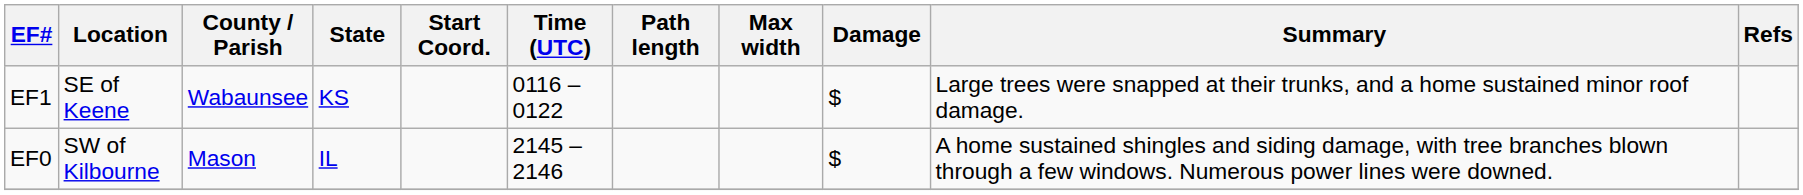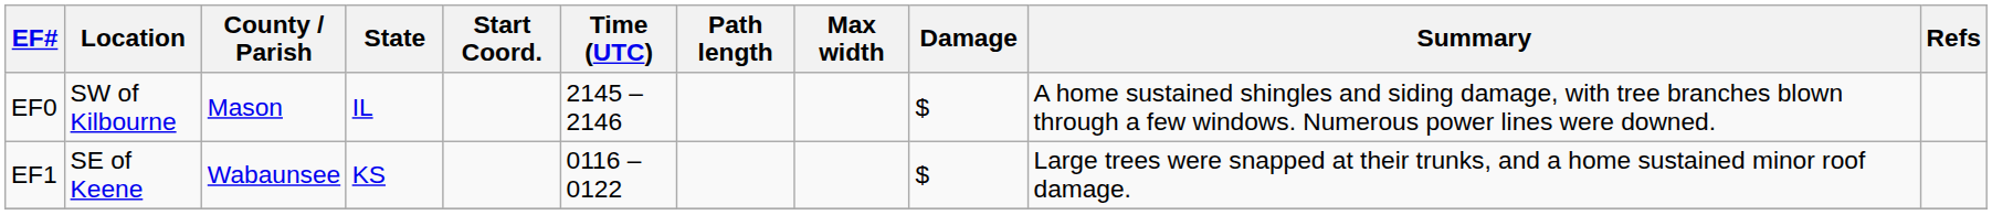 <table class="wikitable sortable" style="width:100%;">
 <tr>
 <th scope="col" width="3%" align="center"><a href='#'>EF#</a></th>
 <th scope="col" width="7%" align="center" class="unsortable">Location</th>
 <th scope="col" width="6%" align="center" class="unsortable">County / Parish</th>
 <th scope="col" width="5%" align="center">State</th>
 <th scope="col" width="6%" align="center">Start Coord.</th>
 <th scope="col" width="6%" align="center">Time (<a href='#'>UTC</a>)</th>
 <th scope="col" width="6%" align="center">Path length</th>
 <th scope="col" width="6%" align="center">Max width</th>
 <th scope="col" width="6%" align="center">Damage</th>
 <th scope="col" width="48%" class="unsortable" align="center">Summary</th>
 <th scope="col" width="48%" class="unsortable" align="center">Refs</th>
 </tr>
 <tr>
+<td>EF0</td>
+<td>SW of <a href='#'>Kilbourne</a></td>
+<td><a href='#'>Mason</a></td>
+<td><a href='#'>IL</a></td>
+<td></td>
+<td>2145 – 2146</td>
+<td></td>
+<td></td>
+<td>$</td>
+<td>A home sustained shingles and siding damage, with tree branches blown through a few windows. Numerous power lines were downed.</td>
+<td></td>
+</tr>
+<tr>
 <td>EF1</td>
 <td>SE of <a href='#'>Keene</a></td>
 <td><a href='#'>Wabaunsee</a></td>
 <td><a href='#'>KS</a></td>
 <td></td>
 <td>0116 – 0122</td>
 <td></td>
 <td></td>
 <td>$</td>
 <td>Large trees were snapped at their trunks, and a home sustained minor roof damage.</td>
 <td></td>
 </tr>
 <tr>
-<td>EF0</td>
-<td>SW of <a href='#'>Kilbourne</a></td>
-<td><a href='#'>Mason</a></td>
-<td><a href='#'>IL</a></td>
-<td></td>
-<td>2145 – 2146</td>
-<td></td>
-<td></td>
-<td>$</td>
-<td>A home sustained shingles and siding damage, with tree branches blown through a few windows. Numerous power lines were downed.</td>
-<td></td>
-</tr>
-<tr>
 </tr>
 </table>
